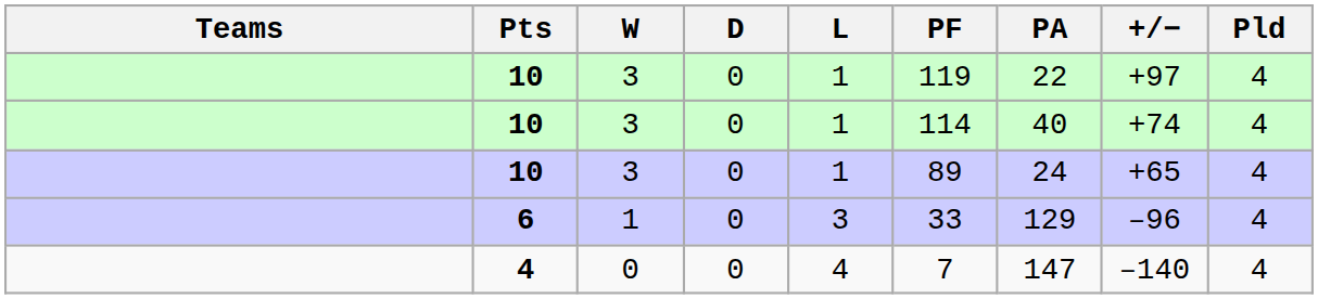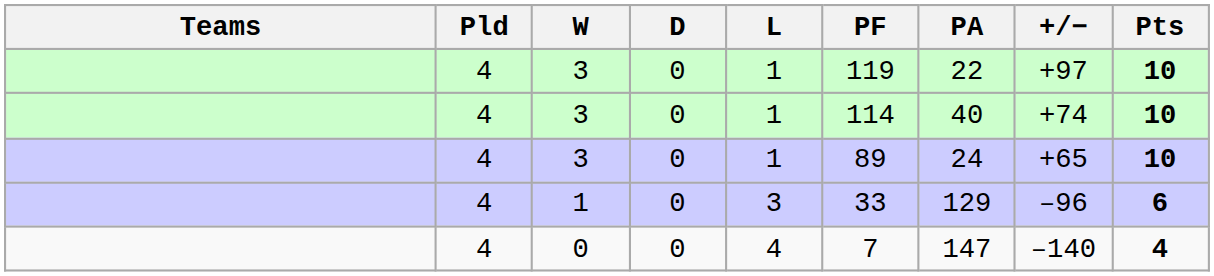 <table class="wikitable" style="text-align: center;">
 <tr>
 <th width="200">Teams</th>
-<th width="40">Pts</th>
+<th width="40">Pld</th>
 <th width="40">W</th>
 <th width="40">D</th>
 <th width="40">L</th>
 <th width="40">PF</th>
 <th width="40">PA</th>
 <th width="40">+/−</th>
-<th width="40">Pld</th>
+<th width="40">Pts</th>
 </tr>
 <tr bgcolor=ccffcc>
 <td align=left></td>
-<td><strong>10</strong></td>
+<td>4</td>
 <td>3</td>
 <td>0</td>
 <td>1</td>
 <td>119</td>
 <td>22</td>
 <td>+97</td>
-<td>4</td>
+<td><strong>10</strong></td>
 </tr>
 <tr bgcolor=ccffcc>
 <td align=left></td>
-<td><strong>10</strong></td>
+<td>4</td>
 <td>3</td>
 <td>0</td>
 <td>1</td>
 <td>114</td>
 <td>40</td>
 <td>+74</td>
-<td>4</td>
+<td><strong>10</strong></td>
 </tr>
 <tr bgcolor=ccccff>
 <td align=left></td>
-<td><strong>10</strong></td>
+<td>4</td>
 <td>3</td>
 <td>0</td>
 <td>1</td>
 <td>89</td>
 <td>24</td>
 <td>+65</td>
-<td>4</td>
+<td><strong>10</strong></td>
 </tr>
 <tr bgcolor=ccccff>
 <td align=left></td>
-<td><strong>6</strong></td>
+<td>4</td>
 <td>1</td>
 <td>0</td>
 <td>3</td>
 <td>33</td>
 <td>129</td>
 <td>–96</td>
-<td>4</td>
+<td><strong>6</strong></td>
 </tr>
 <tr>
 <td align=left></td>
-<td><strong>4</strong></td>
+<td>4</td>
 <td>0</td>
 <td>0</td>
 <td>4</td>
 <td>7</td>
 <td>147</td>
 <td>–140</td>
-<td>4</td>
+<td><strong>4</strong></td>
 </tr>
 </table>
